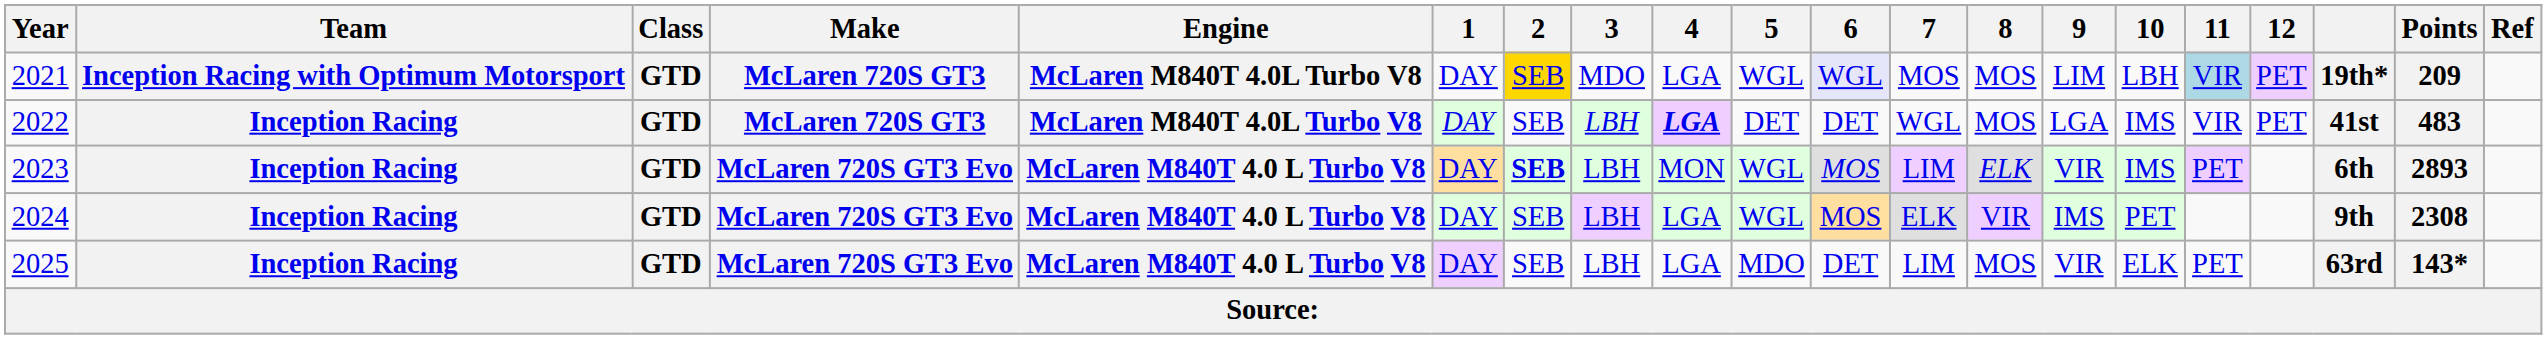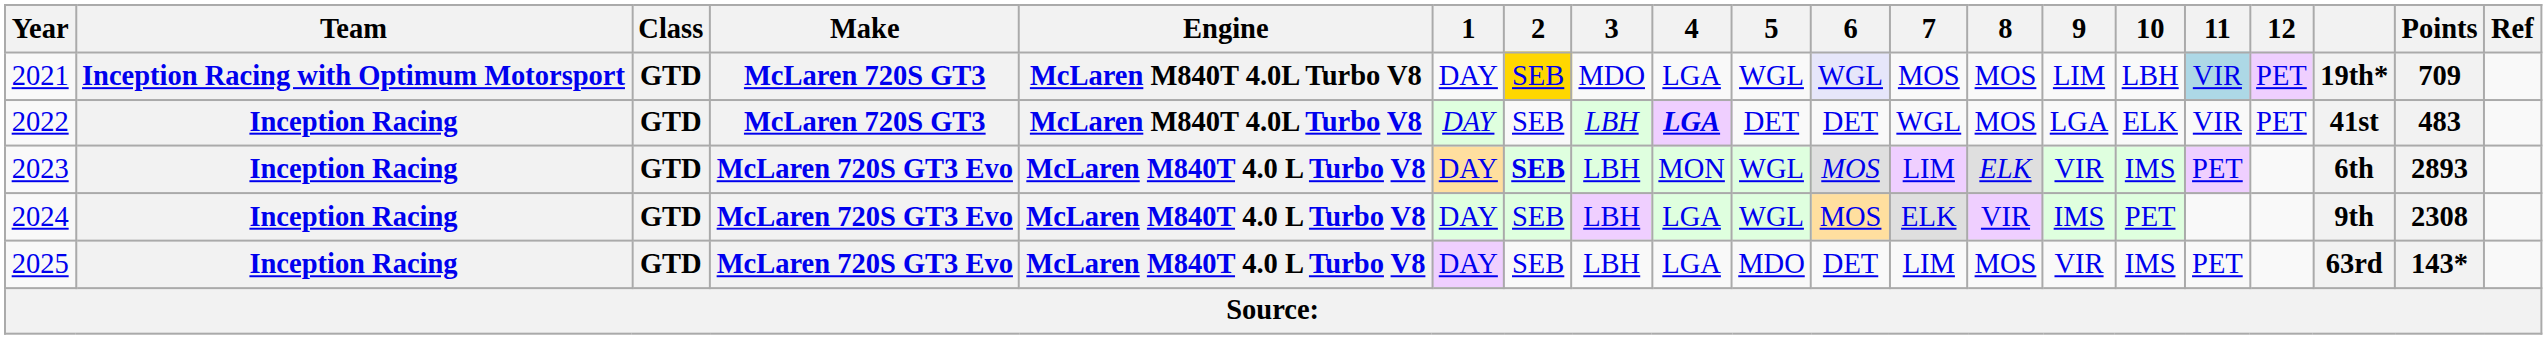 <table class="wikitable" style="text-align:center; font-size:90%">
 <tr>
 <th>Year</th>
 <th>Team</th>
 <th>Class</th>
 <th>Make</th>
 <th>Engine</th>
 <th>1</th>
 <th>2</th>
 <th>3</th>
 <th>4</th>
 <th>5</th>
 <th>6</th>
 <th>7</th>
 <th>8</th>
 <th>9</th>
 <th>10</th>
 <th>11</th>
 <th>12</th>
 <th></th>
 <th>Points</th>
 <th>Ref</th>
 </tr>
 <tr>
 <td><a href='#'>2021</a></td>
 <th><a href='#'>Inception Racing with Optimum Motorsport</a></th>
 <th>GTD</th>
 <th><a href='#'>McLaren 720S GT3</a></th>
 <th><a href='#'>McLaren</a> M840T 4.0L Turbo V8</th>
 <td><a href='#'>DAY</a></td>
 <td style="background: gold;"><a href='#'>SEB</a></td>
 <td><a href='#'>MDO</a></td>
 <td><a href='#'>LGA</a></td>
 <td><a href='#'>WGL</a></td>
 <td style="background: lavender;"><a href='#'>WGL</a></td>
 <td><a href='#'>MOS</a></td>
 <td><a href='#'>MOS</a><br></td>
 <td><a href='#'>LIM</a><br></td>
 <td><a href='#'>LBH</a></td>
 <td style="background: lightblue;"><a href='#'>VIR</a></td>
 <td style="background:#EFCFFF;"><a href='#'>PET</a><br></td>
 <th>19th*</th>
-<th>209</th>
+<th>709</th>
 <td></td>
 </tr>
 <tr>
 <td><a href='#'>2022</a></td>
 <th><a href='#'>Inception Racing</a></th>
 <th>GTD</th>
 <th><a href='#'>McLaren 720S GT3</a></th>
 <th><a href='#'>McLaren</a> M840T 4.0L <a href='#'>Turbo</a> <a href='#'>V8</a></th>
 <td style="background:#DFFFDF;"><em><a href='#'>DAY</a></em><br></td>
 <td><a href='#'>SEB</a></td>
 <td style="background:#DFFFDF;"><em><a href='#'>LBH</a></em><br></td>
 <td style="background:#EFCFFF;"><strong><em><a href='#'>LGA</a></em><br></strong></td>
 <td><a href='#'>DET</a></td>
 <td><a href='#'>DET</a></td>
 <td style="background:#;”"><a href='#'>WGL</a></td>
 <td><a href='#'>MOS</a><br></td>
 <td><a href='#'>LGA</a></td>
-<td><a href='#'>IMS</a></td>
+<td><a href='#'>ELK</a><br></td>
 <td><a href='#'>VIR</a><br></td>
 <td style="background:#;”"><a href='#'>PET</a><br></td>
 <th>41st</th>
 <th>483</th>
 <td></td>
 </tr>
 <tr>
 <td><a href='#'>2023</a></td>
 <th><a href='#'>Inception Racing</a></th>
 <th>GTD</th>
 <th><a href='#'>McLaren 720S GT3 Evo</a></th>
 <th><a href='#'>McLaren</a> <a href='#'>M840T</a> 4.0 L <a href='#'>Turbo</a> <a href='#'>V8</a></th>
 <td style="background:#ffdf9f;"><a href='#'>DAY</a><br></td>
 <td style="background:#dfffdf;"><strong><a href='#'>SEB</a><br></strong></td>
 <td style="background:#dfffdf;"><a href='#'>LBH</a><br></td>
 <td style="background:#dfffdf;"><a href='#'>MON</a><br></td>
 <td style="background:#dfffdf;"><a href='#'>WGL</a><br></td>
 <td style="background:#dfdfdf;"><em><a href='#'>MOS</a><br></em></td>
 <td style="background:#efcfff;"><a href='#'>LIM</a><br></td>
 <td style="background:#dfdfdf;"><em><a href='#'>ELK</a><br></em></td>
 <td style="background:#dfffdf;"><a href='#'>VIR</a><br></td>
 <td style="background:#dfffdf;"><a href='#'>IMS</a><br></td>
 <td style="background:#efcfff;"><a href='#'>PET</a><br></td>
 <td></td>
 <th>6th</th>
 <th>2893</th>
 <td></td>
 </tr>
 <tr>
 <td><a href='#'>2024</a></td>
 <th><a href='#'>Inception Racing</a></th>
 <th>GTD</th>
 <th><a href='#'>McLaren 720S GT3 Evo</a></th>
 <th><a href='#'>McLaren</a> <a href='#'>M840T</a> 4.0 L <a href='#'>Turbo</a> <a href='#'>V8</a></th>
 <td style="background:#dfffdf;"><a href='#'>DAY</a><br></td>
 <td style="background:#dfffdf;"><a href='#'>SEB</a><br></td>
 <td style="background:#efcfff;"><a href='#'>LBH</a><br></td>
 <td style="background:#dfffdf;"><a href='#'>LGA</a><br></td>
 <td style="background:#dfffdf;"><a href='#'>WGL</a><br></td>
 <td style="background:#ffdf9f;"><a href='#'>MOS</a><br></td>
 <td style="background:#dfdfdf;"><a href='#'>ELK</a><br></td>
 <td style="background:#efcfff;"><a href='#'>VIR</a><br></td>
 <td style="background:#dfffdf;"><a href='#'>IMS</a><br></td>
 <td style="background:#dfffdf;"><a href='#'>PET</a><br></td>
 <td></td>
 <td></td>
 <th>9th</th>
 <th>2308</th>
 <td></td>
 </tr>
 <tr>
 <td><a href='#'>2025</a></td>
 <th><a href='#'>Inception Racing</a></th>
 <th>GTD</th>
 <th><a href='#'>McLaren 720S GT3 Evo</a></th>
 <th><a href='#'>McLaren</a> <a href='#'>M840T</a> 4.0 L <a href='#'>Turbo</a> <a href='#'>V8</a></th>
 <td style="background:#EFCFFF;"><a href='#'>DAY</a><br></td>
 <td><a href='#'>SEB</a></td>
 <td><a href='#'>LBH</a></td>
 <td><a href='#'>LGA</a></td>
 <td><a href='#'>MDO</a></td>
 <td><a href='#'>DET</a></td>
 <td><a href='#'>LIM</a><br></td>
 <td><a href='#'>MOS</a><br></td>
 <td><a href='#'>VIR</a></td>
-<td><a href='#'>ELK</a><br></td>
+<td><a href='#'>IMS</a></td>
 <td><a href='#'>PET</a></td>
 <td></td>
 <th>63rd</th>
 <th>143*</th>
 <td></td>
 </tr>
 <tr>
 <th colspan="20">Source:</th>
 </tr>
 </table>
